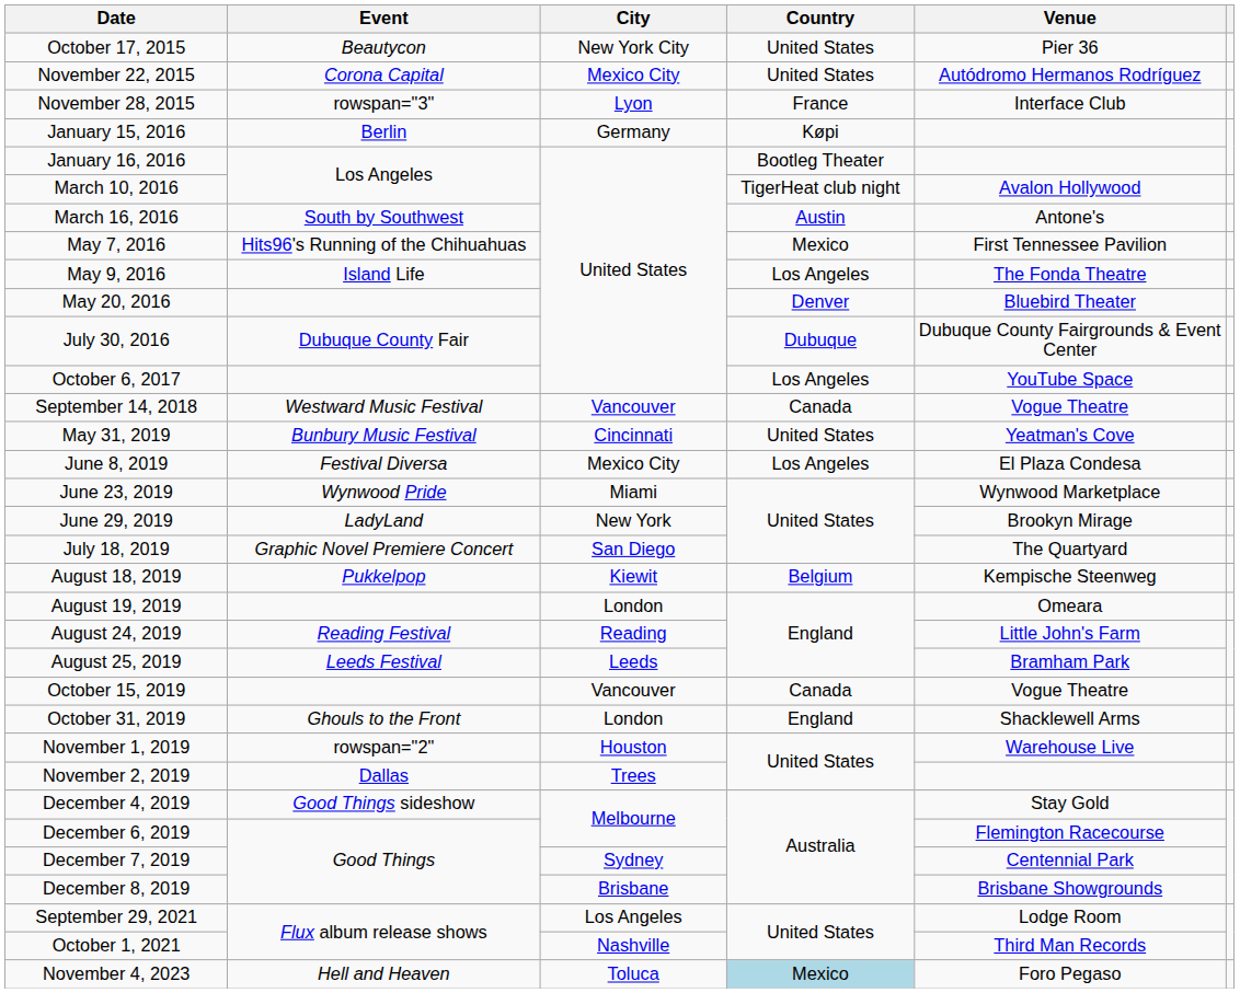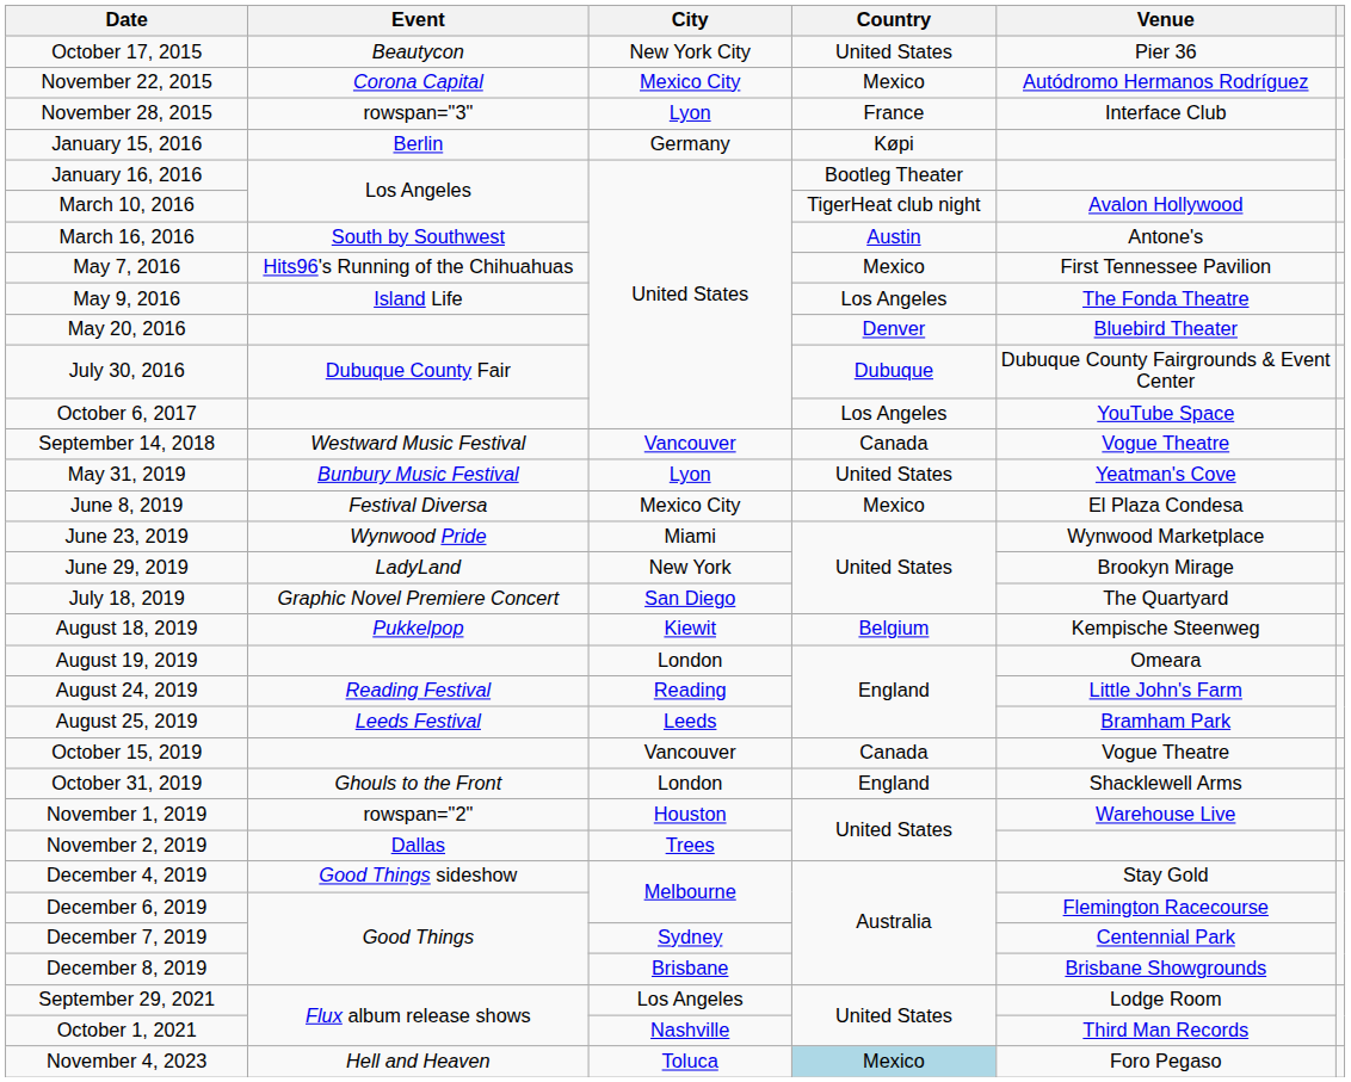 <table class="wikitable plainrowheaders" style="text-align:center;">
 <tr>
 <th scope="col" style="width:12em;">Date</th>
 <th scope="col" style="width:17em;">Event</th>
 <th scope="col" style="width:10em;">City</th>
 <th scope="col" style="width:10em;">Country</th>
 <th scope="col" style="width:17em;">Venue</th>
 <th></th>
 </tr>
 <tr>
 <td>October 17, 2015</td>
 <td><em>Beautycon</em></td>
 <td>New York City</td>
 <td>United States</td>
 <td>Pier 36</td>
 <td></td>
 </tr>
 <tr>
 <td>November 22, 2015</td>
 <td><em><a href='#'>Corona Capital</a></em></td>
 <td><a href='#'>Mexico City</a></td>
-<td>United States</td>
+<td>Mexico</td>
 <td><a href='#'>Autódromo Hermanos Rodríguez</a></td>
 <td></td>
 </tr>
 <tr>
 <td>November 28, 2015</td>
 <td>rowspan="3" </td>
 <td><a href='#'>Lyon</a></td>
 <td>France</td>
 <td>Interface Club</td>
 <td></td>
 </tr>
 <tr>
 <td>January 15, 2016</td>
 <td><a href='#'>Berlin</a></td>
 <td>Germany</td>
 <td>Køpi</td>
 <td></td>
 </tr>
 <tr>
 <td>January 16, 2016</td>
 <td rowspan="2">Los Angeles</td>
 <td rowspan="8">United States</td>
 <td>Bootleg Theater</td>
 <td></td>
 </tr>
 <tr>
 <td>March 10, 2016</td>
 <td>TigerHeat club night</td>
 <td><a href='#'>Avalon Hollywood</a></td>
 <td></td>
 </tr>
 <tr>
 <td>March 16, 2016</td>
 <td><a href='#'>South by Southwest</a></td>
 <td><a href='#'>Austin</a></td>
 <td>Antone's</td>
 <td></td>
 </tr>
 <tr>
 <td>May 7, 2016</td>
 <td><a href='#'>Hits96</a>'s Running of the Chihuahuas</td>
 <td>Mexico</td>
 <td>First Tennessee Pavilion</td>
 <td></td>
 </tr>
 <tr>
 <td>May 9, 2016</td>
 <td><a href='#'>Island</a> Life</td>
 <td>Los Angeles</td>
 <td><a href='#'>The Fonda Theatre</a></td>
 <td></td>
 </tr>
 <tr>
 <td>May 20, 2016</td>
 <td></td>
 <td><a href='#'>Denver</a></td>
 <td><a href='#'>Bluebird Theater</a></td>
 <td></td>
 </tr>
 <tr>
 <td>July 30, 2016</td>
 <td><a href='#'>Dubuque County</a> Fair</td>
 <td><a href='#'>Dubuque</a></td>
 <td>Dubuque County Fairgrounds & Event Center</td>
 <td></td>
 </tr>
 <tr>
 <td>October 6, 2017</td>
 <td></td>
 <td>Los Angeles</td>
 <td><a href='#'>YouTube Space</a></td>
 <td></td>
 </tr>
 <tr>
 <td>September 14, 2018</td>
 <td><em>Westward Music Festival</em></td>
 <td><a href='#'>Vancouver</a></td>
 <td>Canada</td>
 <td><a href='#'>Vogue Theatre</a></td>
 <td></td>
 </tr>
 <tr>
 <td>May 31, 2019</td>
 <td><em><a href='#'>Bunbury Music Festival</a></em></td>
-<td><a href='#'>Cincinnati</a></td>
+<td><a href='#'>Lyon</a></td>
 <td>United States</td>
 <td><a href='#'>Yeatman's Cove</a></td>
 <td></td>
 </tr>
 <tr>
 <td>June 8, 2019</td>
 <td><em>Festival Diversa</em></td>
 <td>Mexico City</td>
-<td>Los Angeles</td>
+<td>Mexico</td>
 <td>El Plaza Condesa</td>
 <td></td>
 </tr>
 <tr>
 <td>June 23, 2019</td>
 <td><em>Wynwood <a href='#'>Pride</a></em></td>
 <td>Miami</td>
 <td rowspan="3">United States</td>
 <td>Wynwood Marketplace</td>
 <td></td>
 </tr>
 <tr>
 <td>June 29, 2019</td>
 <td><em>LadyLand</em></td>
 <td>New York</td>
 <td>Brookyn Mirage</td>
 <td></td>
 </tr>
 <tr>
 <td>July 18, 2019</td>
 <td><em>Graphic Novel Premiere Concert</em></td>
 <td><a href='#'>San Diego</a></td>
 <td>The Quartyard</td>
 <td></td>
 </tr>
 <tr>
 <td>August 18, 2019</td>
 <td><em><a href='#'>Pukkelpop</a></em></td>
 <td><a href='#'>Kiewit</a></td>
 <td><a href='#'>Belgium</a></td>
 <td>Kempische Steenweg</td>
 <td></td>
 </tr>
 <tr>
 <td>August 19, 2019</td>
 <td></td>
 <td>London</td>
 <td rowspan="3">England</td>
 <td>Omeara</td>
 <td></td>
 </tr>
 <tr>
 <td>August 24, 2019</td>
 <td><em><a href='#'>Reading Festival</a></em></td>
 <td><a href='#'>Reading</a></td>
 <td><a href='#'>Little John's Farm</a></td>
 <td rowspan="2"></td>
 </tr>
 <tr>
 <td>August 25, 2019</td>
 <td><em><a href='#'>Leeds Festival</a></em></td>
 <td><a href='#'>Leeds</a></td>
 <td><a href='#'>Bramham Park</a></td>
 </tr>
 <tr>
 <td>October 15, 2019</td>
 <td></td>
 <td>Vancouver</td>
 <td>Canada</td>
 <td>Vogue Theatre</td>
 <td></td>
 </tr>
 <tr>
 <td>October 31, 2019</td>
 <td><em>Ghouls to the Front</em></td>
 <td>London</td>
 <td>England</td>
 <td>Shacklewell Arms</td>
 <td></td>
 </tr>
 <tr>
 <td>November 1, 2019</td>
 <td>rowspan="2" </td>
 <td><a href='#'>Houston</a></td>
 <td rowspan="2">United States</td>
 <td><a href='#'>Warehouse Live</a></td>
 <td></td>
 </tr>
 <tr>
 <td>November 2, 2019</td>
 <td><a href='#'>Dallas</a></td>
 <td><a href='#'>Trees</a></td>
 <td></td>
 </tr>
 <tr>
 <td>December 4, 2019</td>
 <td><a href='#'><em>Good Things</em></a> sideshow</td>
 <td rowspan="2"><a href='#'>Melbourne</a></td>
 <td rowspan="4">Australia</td>
 <td>Stay Gold</td>
 <td rowspan="4"></td>
 </tr>
 <tr>
 <td>December 6, 2019</td>
 <td rowspan="3"><em>Good Things</em></td>
 <td><a href='#'>Flemington Racecourse</a></td>
 </tr>
 <tr>
 <td>December 7, 2019</td>
 <td><a href='#'>Sydney</a></td>
 <td><a href='#'>Centennial Park</a></td>
 </tr>
 <tr>
 <td>December 8, 2019</td>
 <td><a href='#'>Brisbane</a></td>
 <td><a href='#'>Brisbane Showgrounds</a></td>
 </tr>
 <tr>
 <td>September 29, 2021</td>
 <td rowspan="2"><a href='#'><em>Flux</em></a> album release shows</td>
 <td>Los Angeles</td>
 <td rowspan="2">United States</td>
 <td>Lodge Room</td>
 <td rowspan="2"></td>
 </tr>
 <tr>
 <td>October 1, 2021</td>
 <td><a href='#'>Nashville</a></td>
 <td><a href='#'>Third Man Records</a></td>
 </tr>
 <tr>
 <td>November 4, 2023</td>
 <td><em>Hell and Heaven</em></td>
 <td><a href='#'>Toluca</a></td>
 <td style="background: lightblue;">Mexico</td>
 <td>Foro Pegaso</td>
 <td></td>
 </tr>
 </table>
